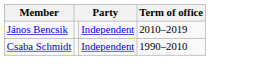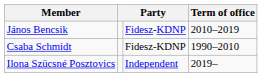 <table class=wikitable>
 <tr>
 <th>Member</th>
 <th colspan=2>Party</th>
 <th>Term of office</th>
 </tr>
 <tr>
 <td><a href='#'>János Bencsik</a></td>
 <td style="background-color:"></td>
-<td><a href='#'>Independent</a></td>
+<td><a href='#'>Fidesz</a>-<a href='#'>KDNP</a></td>
 <td>2010–2019</td>
 </tr>
 <tr>
 <td><a href='#'>Csaba Schmidt</a></td>
 <td style="background-color:"></td>
-<td><a href='#'>Independent</a></td>
+<td>Fidesz-KDNP</td>
 <td>1990–2010</td>
 </tr>
+<tr>
+<td><a href='#'>Ilona Szücsné Posztovics</a></td>
+<td style="background-color:"></td>
+<td><a href='#'>Independent</a></td>
+<td>2019–</td>
+</tr>
 </table>
